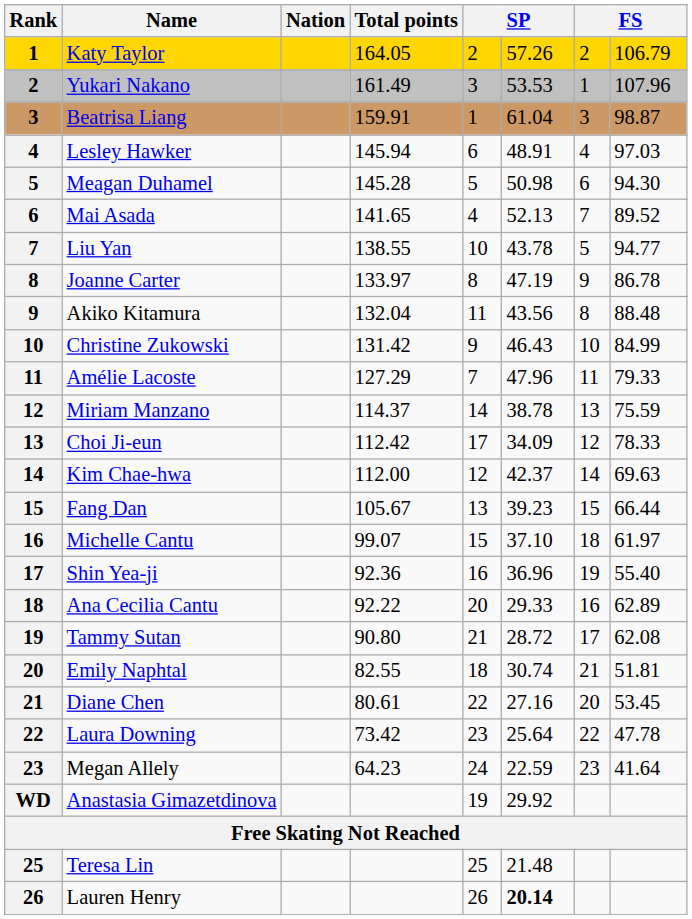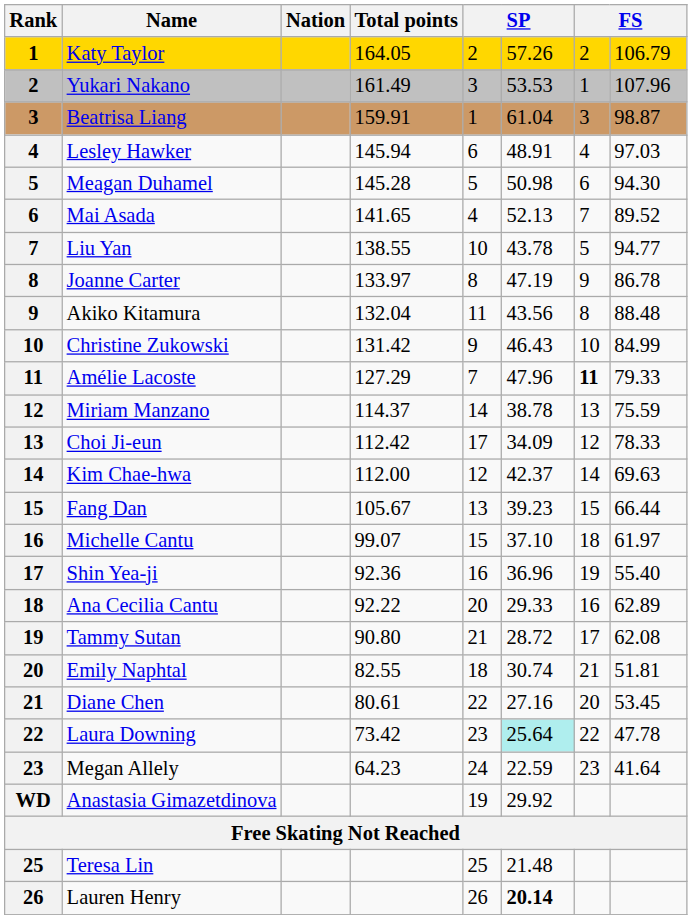 <table class="wikitable">
 <tr>
 <th>Rank</th>
 <th>Name</th>
 <th>Nation</th>
 <th>Total points</th>
 <th colspan="2" width="80px"><a href='#'>SP</a></th>
 <th colspan="2" width="80px"><a href='#'>FS</a></th>
 </tr>
 <tr bgcolor="gold">
 <td align="center"><strong>1</strong></td>
 <td><a href='#'>Katy Taylor</a></td>
 <td></td>
 <td>164.05</td>
 <td>2</td>
 <td>57.26</td>
 <td>2</td>
 <td>106.79</td>
 </tr>
 <tr bgcolor="silver">
 <td align="center"><strong>2</strong></td>
 <td><a href='#'>Yukari Nakano</a></td>
 <td></td>
 <td>161.49</td>
 <td>3</td>
 <td>53.53</td>
 <td>1</td>
 <td>107.96</td>
 </tr>
 <tr bgcolor="cc9966">
 <td align="center"><strong>3</strong></td>
 <td><a href='#'>Beatrisa Liang</a></td>
 <td></td>
 <td>159.91</td>
 <td>1</td>
 <td>61.04</td>
 <td>3</td>
 <td>98.87</td>
 </tr>
 <tr>
 <th>4</th>
 <td><a href='#'>Lesley Hawker</a></td>
 <td></td>
 <td>145.94</td>
 <td>6</td>
 <td>48.91</td>
 <td>4</td>
 <td>97.03</td>
 </tr>
 <tr>
 <th>5</th>
 <td><a href='#'>Meagan Duhamel</a></td>
 <td></td>
 <td>145.28</td>
 <td>5</td>
 <td>50.98</td>
 <td>6</td>
 <td>94.30</td>
 </tr>
 <tr>
 <th>6</th>
 <td><a href='#'>Mai Asada</a></td>
 <td></td>
 <td>141.65</td>
 <td>4</td>
 <td>52.13</td>
 <td>7</td>
 <td>89.52</td>
 </tr>
 <tr>
 <th>7</th>
 <td><a href='#'>Liu Yan</a></td>
 <td></td>
 <td>138.55</td>
 <td>10</td>
 <td>43.78</td>
 <td>5</td>
 <td>94.77</td>
 </tr>
 <tr>
 <th>8</th>
 <td><a href='#'>Joanne Carter</a></td>
 <td></td>
 <td>133.97</td>
 <td>8</td>
 <td>47.19</td>
 <td>9</td>
 <td>86.78</td>
 </tr>
 <tr>
 <th>9</th>
 <td>Akiko Kitamura</td>
 <td></td>
 <td>132.04</td>
 <td>11</td>
 <td>43.56</td>
 <td>8</td>
 <td>88.48</td>
 </tr>
 <tr>
 <th>10</th>
 <td><a href='#'>Christine Zukowski</a></td>
 <td></td>
 <td>131.42</td>
 <td>9</td>
 <td>46.43</td>
 <td>10</td>
 <td>84.99</td>
 </tr>
 <tr>
 <th>11</th>
 <td><a href='#'>Amélie Lacoste</a></td>
 <td></td>
 <td>127.29</td>
 <td>7</td>
 <td>47.96</td>
-<td>11</td>
+<td><strong>11</strong></td>
 <td>79.33</td>
 </tr>
 <tr>
 <th>12</th>
 <td><a href='#'>Miriam Manzano</a></td>
 <td></td>
 <td>114.37</td>
 <td>14</td>
 <td>38.78</td>
 <td>13</td>
 <td>75.59</td>
 </tr>
 <tr>
 <th>13</th>
 <td><a href='#'>Choi Ji-eun</a></td>
 <td></td>
 <td>112.42</td>
 <td>17</td>
 <td>34.09</td>
 <td>12</td>
 <td>78.33</td>
 </tr>
 <tr>
 <th>14</th>
 <td><a href='#'>Kim Chae-hwa</a></td>
 <td></td>
 <td>112.00</td>
 <td>12</td>
 <td>42.37</td>
 <td>14</td>
 <td>69.63</td>
 </tr>
 <tr>
 <th>15</th>
 <td><a href='#'>Fang Dan</a></td>
 <td></td>
 <td>105.67</td>
 <td>13</td>
 <td>39.23</td>
 <td>15</td>
 <td>66.44</td>
 </tr>
 <tr>
 <th>16</th>
 <td><a href='#'>Michelle Cantu</a></td>
 <td></td>
 <td>99.07</td>
 <td>15</td>
 <td>37.10</td>
 <td>18</td>
 <td>61.97</td>
 </tr>
 <tr>
 <th>17</th>
 <td><a href='#'>Shin Yea-ji</a></td>
 <td></td>
 <td>92.36</td>
 <td>16</td>
 <td>36.96</td>
 <td>19</td>
 <td>55.40</td>
 </tr>
 <tr>
 <th>18</th>
 <td><a href='#'>Ana Cecilia Cantu</a></td>
 <td></td>
 <td>92.22</td>
 <td>20</td>
 <td>29.33</td>
 <td>16</td>
 <td>62.89</td>
 </tr>
 <tr>
 <th>19</th>
 <td><a href='#'>Tammy Sutan</a></td>
 <td></td>
 <td>90.80</td>
 <td>21</td>
 <td>28.72</td>
 <td>17</td>
 <td>62.08</td>
 </tr>
 <tr>
 <th>20</th>
 <td><a href='#'>Emily Naphtal</a></td>
 <td></td>
 <td>82.55</td>
 <td>18</td>
 <td>30.74</td>
 <td>21</td>
 <td>51.81</td>
 </tr>
 <tr>
 <th>21</th>
 <td><a href='#'>Diane Chen</a></td>
 <td></td>
 <td>80.61</td>
 <td>22</td>
 <td>27.16</td>
 <td>20</td>
 <td>53.45</td>
 </tr>
 <tr>
 <th>22</th>
 <td><a href='#'>Laura Downing</a></td>
 <td></td>
 <td>73.42</td>
 <td>23</td>
-<td>25.64</td>
+<td style="background: paleturquoise;">25.64</td>
 <td>22</td>
 <td>47.78</td>
 </tr>
 <tr>
 <th>23</th>
 <td>Megan Allely</td>
 <td></td>
 <td>64.23</td>
 <td>24</td>
 <td>22.59</td>
 <td>23</td>
 <td>41.64</td>
 </tr>
 <tr>
 <th>WD</th>
 <td><a href='#'>Anastasia Gimazetdinova</a></td>
 <td></td>
 <td></td>
 <td>19</td>
 <td>29.92</td>
 <td></td>
 <td></td>
 </tr>
 <tr>
 <th colspan=8>Free Skating Not Reached</th>
 </tr>
 <tr>
 <th>25</th>
 <td><a href='#'>Teresa Lin</a></td>
 <td></td>
 <td></td>
 <td>25</td>
 <td>21.48</td>
 <td></td>
 <td></td>
 </tr>
 <tr>
 <th>26</th>
 <td>Lauren Henry</td>
 <td></td>
 <td></td>
 <td>26</td>
 <td><strong>20.14</strong></td>
 <td></td>
 <td></td>
 </tr>
 </table>
